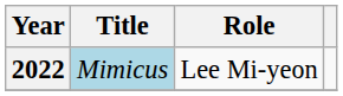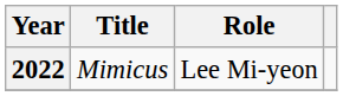 <table class="wikitable plainrowheaders">
 <tr>
 <th scope="col">Year</th>
 <th scope="col">Title</th>
 <th scope="col">Role</th>
 <th scope="col" class="unsortable"></th>
 </tr>
 <tr>
 <th scope="row">2022</th>
-<td style="background: lightblue;"><em>Mimicus</em></td>
+<td><em>Mimicus</em></td>
 <td>Lee Mi-yeon</td>
 <td></td>
 </tr>
 <tr>
 </tr>
 </table>
